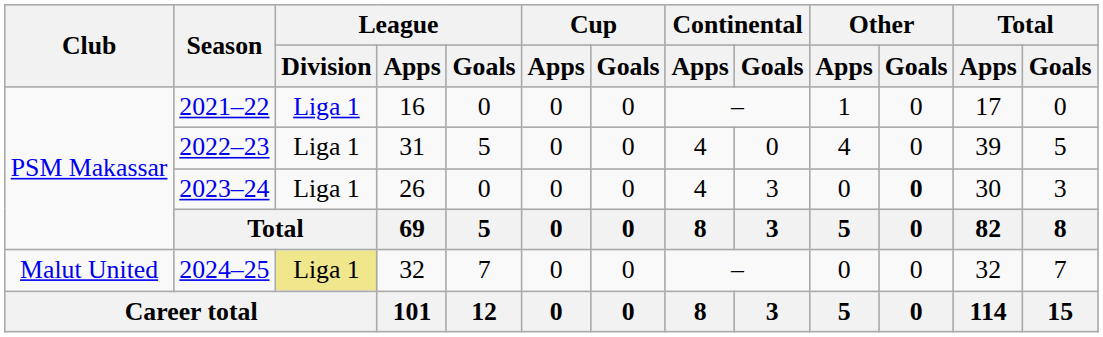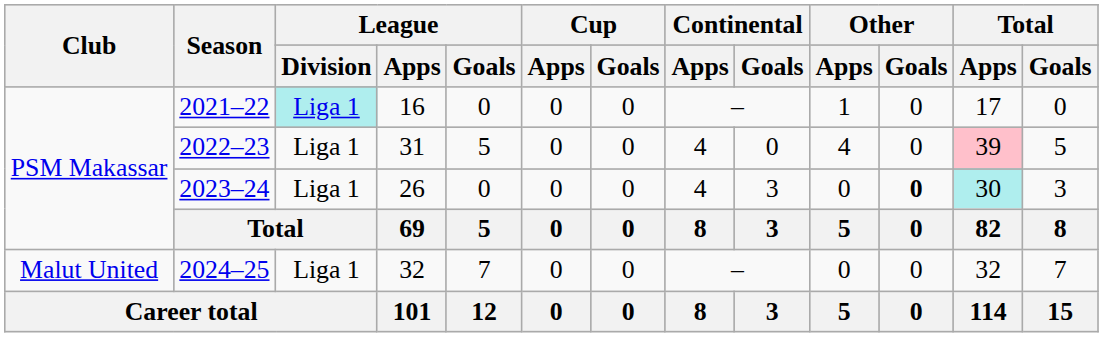 <table class="wikitable" style="text-align: center">
 <tr>
 <th rowspan="2">Club</th>
 <th rowspan="2">Season</th>
 <th colspan="3">League</th>
 <th colspan="2">Cup</th>
 <th colspan="2">Continental</th>
 <th colspan="2">Other</th>
 <th colspan="2">Total</th>
 </tr>
 <tr>
 <th>Division</th>
 <th>Apps</th>
 <th>Goals</th>
 <th>Apps</th>
 <th>Goals</th>
 <th>Apps</th>
 <th>Goals</th>
 <th>Apps</th>
 <th>Goals</th>
 <th>Apps</th>
 <th>Goals</th>
 </tr>
 <tr>
 <td rowspan="4"><a href='#'>PSM Makassar</a></td>
 <td><a href='#'>2021–22</a></td>
-<td rowspan="1" valign="center"><a href='#'>Liga 1</a></td>
+<td rowspan="1" valign="center" style="background: paleturquoise;"><a href='#'>Liga 1</a></td>
 <td>16</td>
 <td>0</td>
 <td>0</td>
 <td>0</td>
 <td colspan="2">–</td>
 <td>1</td>
 <td>0</td>
 <td>17</td>
 <td>0</td>
 </tr>
 <tr>
 <td><a href='#'>2022–23</a></td>
 <td>Liga 1</td>
 <td>31</td>
 <td>5</td>
 <td>0</td>
 <td>0</td>
 <td>4</td>
 <td>0</td>
 <td>4</td>
 <td>0</td>
-<td>39</td>
+<td style="background: pink;">39</td>
 <td>5</td>
 </tr>
 <tr>
 <td><a href='#'>2023–24</a></td>
 <td>Liga 1</td>
 <td>26</td>
 <td>0</td>
 <td>0</td>
 <td>0</td>
 <td>4</td>
 <td>3</td>
 <td>0</td>
 <td><strong>0</strong></td>
-<td>30</td>
+<td style="background: paleturquoise;">30</td>
 <td>3</td>
 </tr>
 <tr>
 <th colspan=2>Total</th>
 <th>69</th>
 <th>5</th>
 <th>0</th>
 <th>0</th>
 <th>8</th>
 <th>3</th>
 <th>5</th>
 <th>0</th>
 <th>82</th>
 <th>8</th>
 </tr>
 <tr>
 <td rowspan="1"><a href='#'>Malut United</a></td>
 <td><a href='#'>2024–25</a></td>
-<td rowspan="1" valign="center" style="background: khaki;">Liga 1</td>
+<td rowspan="1" valign="center">Liga 1</td>
 <td>32</td>
 <td>7</td>
 <td>0</td>
 <td>0</td>
 <td colspan="2">–</td>
 <td>0</td>
 <td>0</td>
 <td>32</td>
 <td>7</td>
 </tr>
 <tr>
 <th colspan=3>Career total</th>
 <th>101</th>
 <th>12</th>
 <th>0</th>
 <th>0</th>
 <th>8</th>
 <th>3</th>
 <th>5</th>
 <th>0</th>
 <th>114</th>
 <th>15</th>
 </tr>
 </table>
